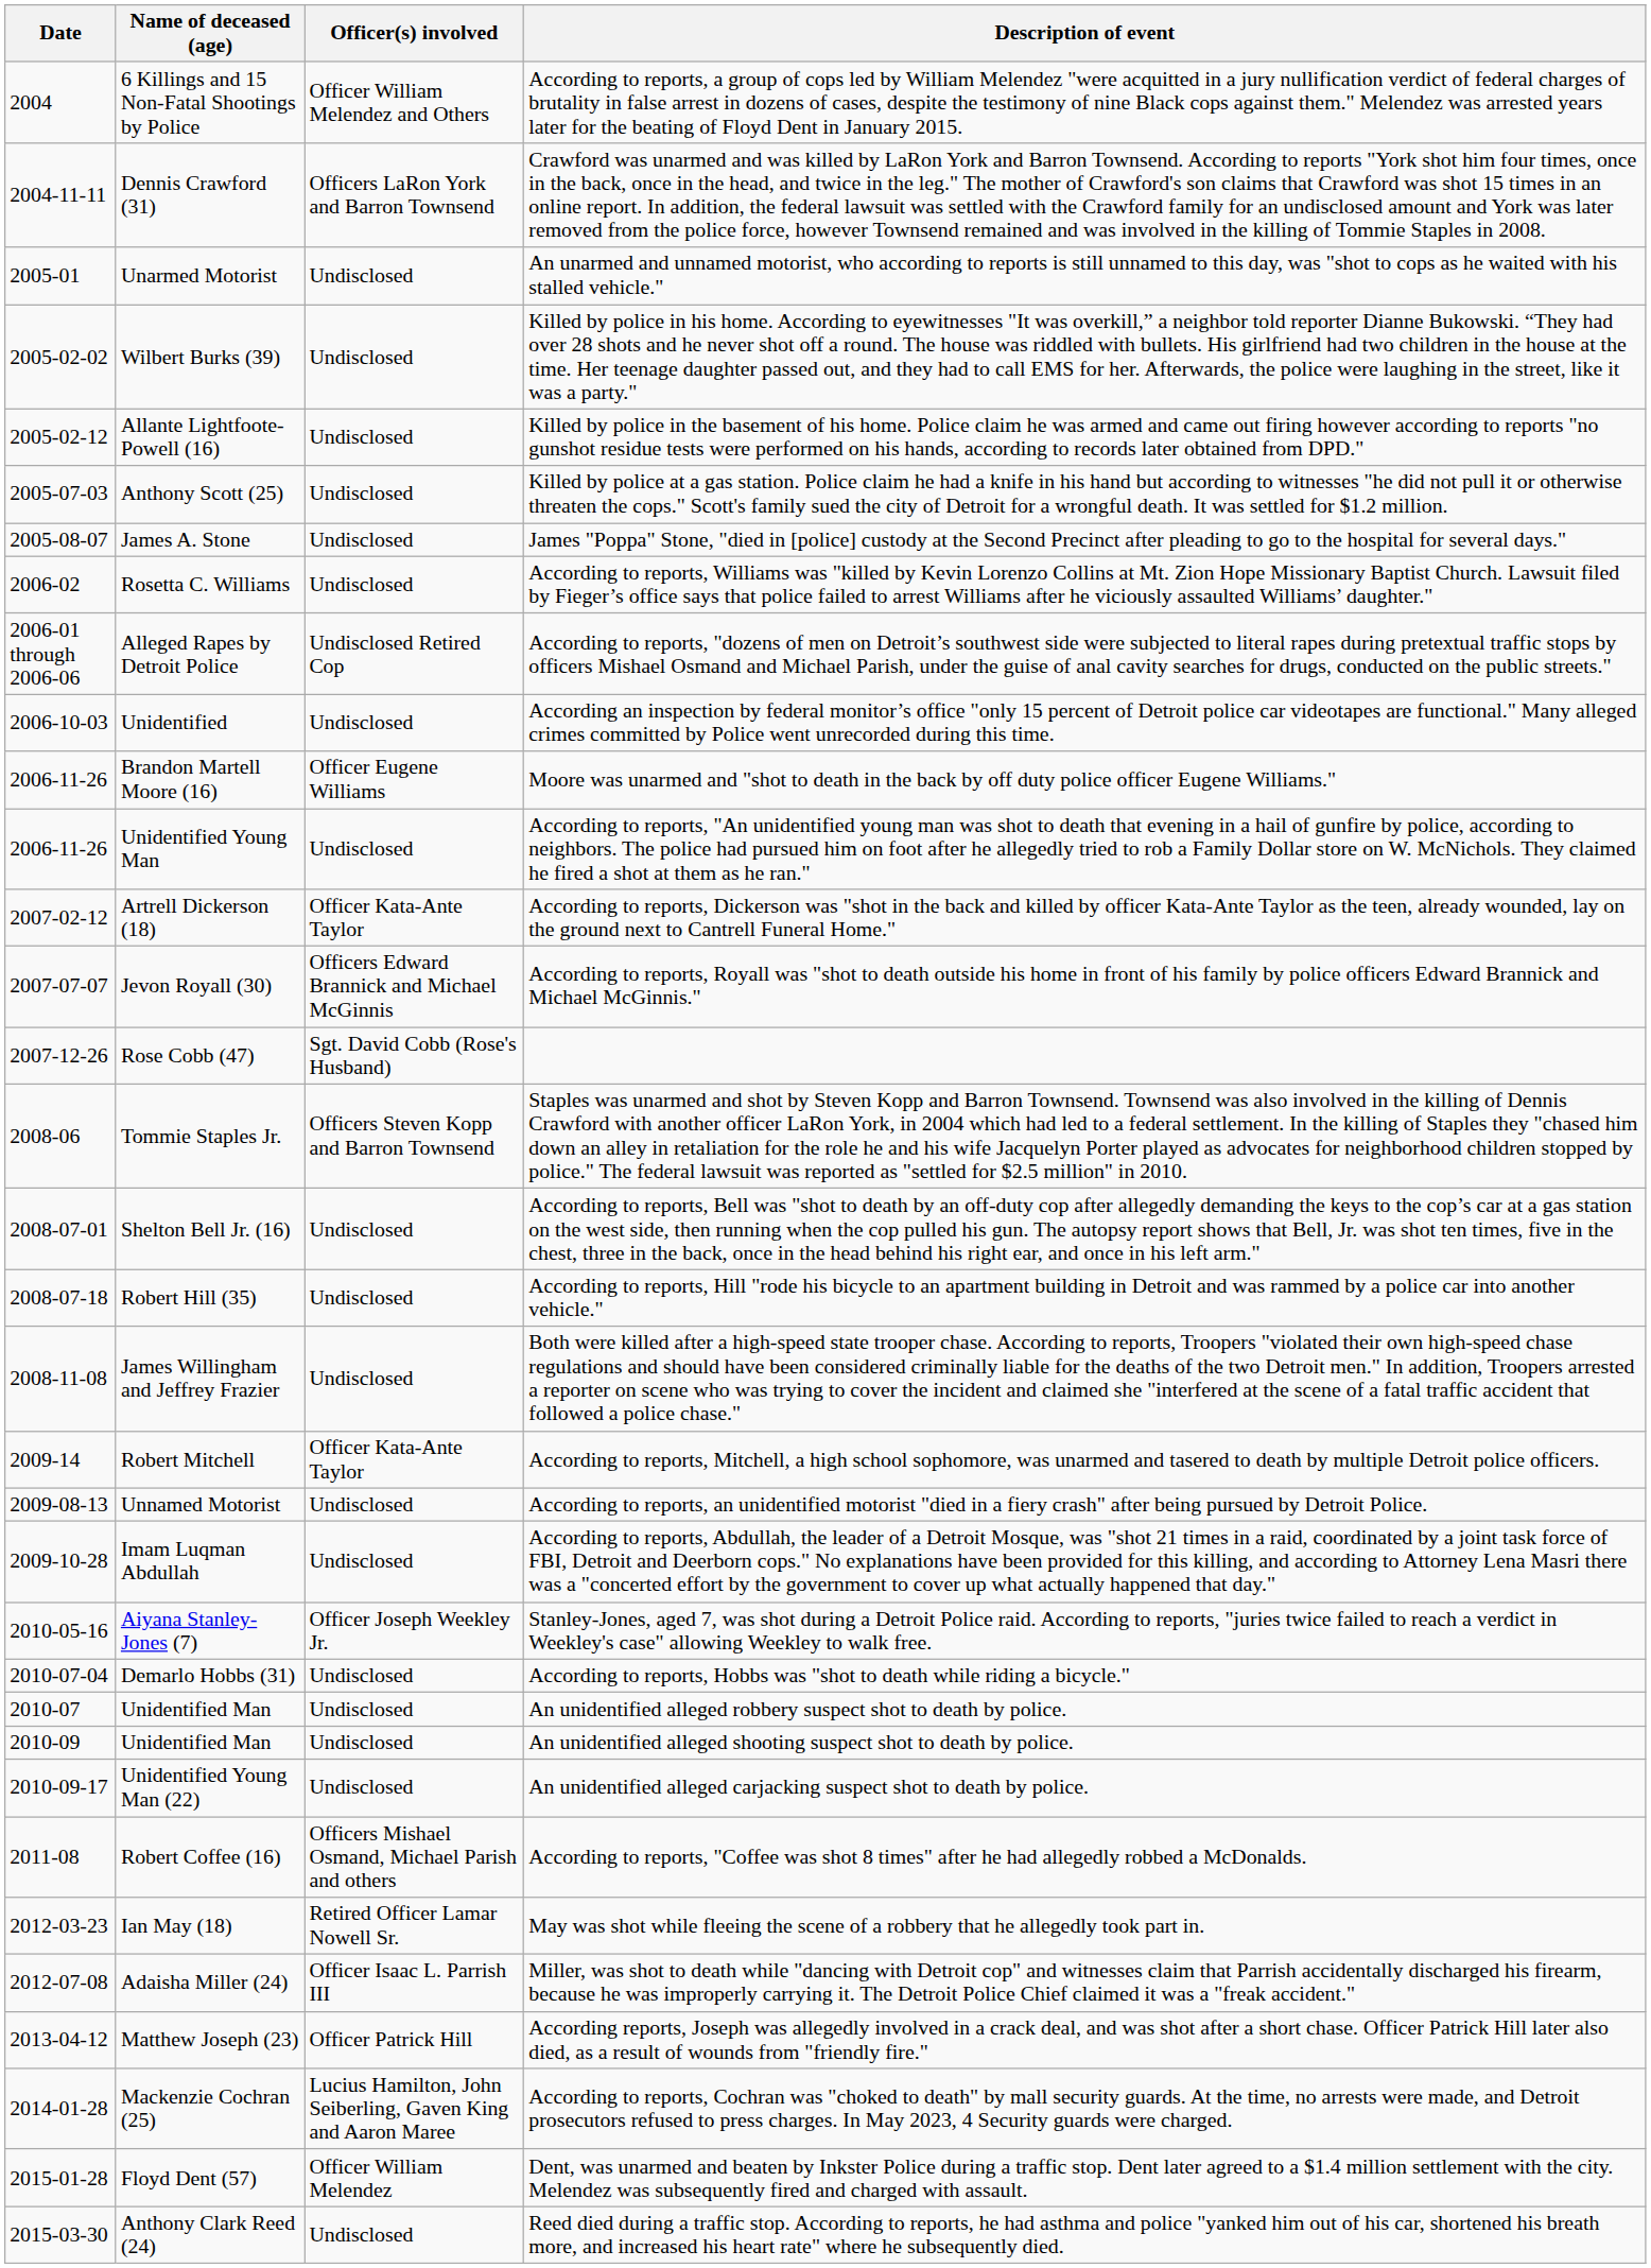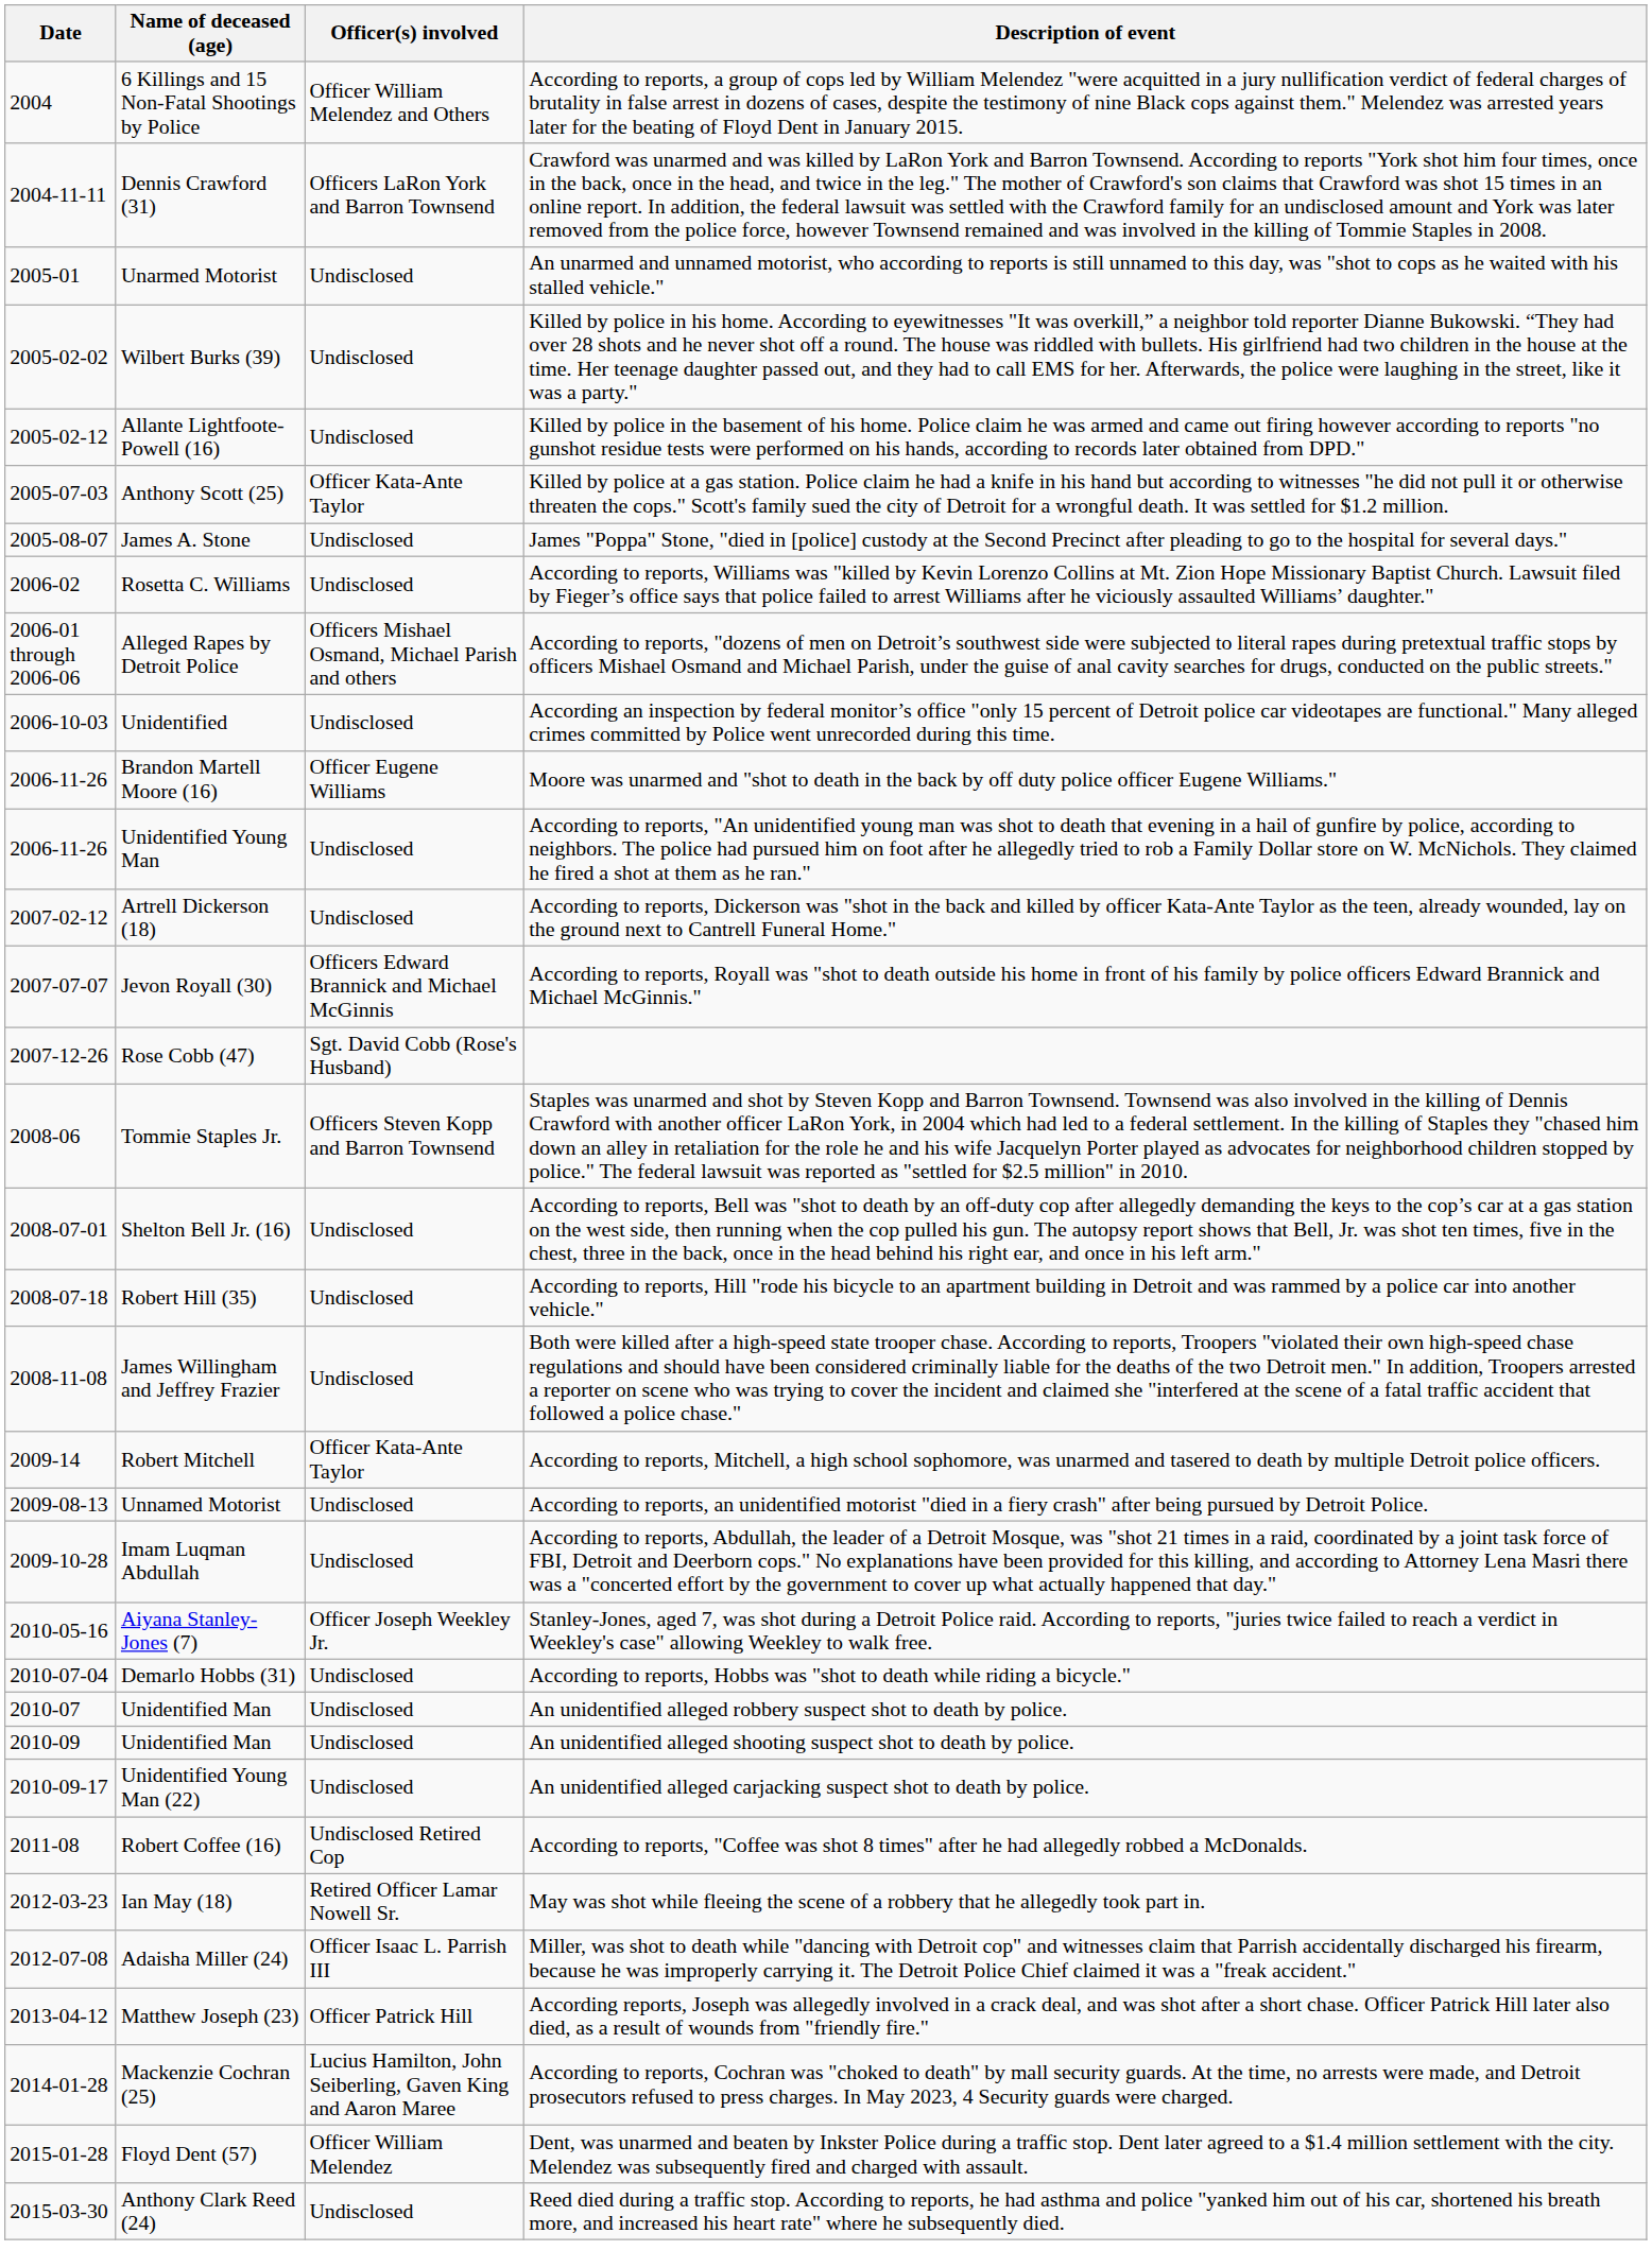 <table class="wikitable sortable" id="Killings by Law Enforcement Officers and Other Controversies">
 <tr>
 <th>Date</th>
 <th>Name of deceased (age)</th>
 <th>Officer(s) involved</th>
 <th>Description of event</th>
 </tr>
 <tr>
 <td>2004</td>
 <td>6 Killings and 15 Non-Fatal Shootings by Police</td>
 <td>Officer William Melendez and Others</td>
 <td>According to reports, a group of cops led by William Melendez "were acquitted in a jury nullification verdict of federal charges of brutality in false arrest in dozens of cases, despite the testimony of nine Black cops against them." Melendez was arrested years later for the beating of Floyd Dent in January 2015.</td>
 </tr>
 <tr>
 <td>2004-11-11</td>
 <td>Dennis Crawford (31)</td>
 <td>Officers LaRon York and Barron Townsend</td>
 <td>Crawford was unarmed and was killed by LaRon York and Barron Townsend. According to reports "York shot him four times, once in the back, once in the head, and twice in the leg." The mother of Crawford's son claims that Crawford was shot 15 times in an online report. In addition, the federal lawsuit was settled with the Crawford family for an undisclosed amount and York was later removed from the police force, however Townsend remained and was involved in the killing of Tommie Staples in 2008.</td>
 </tr>
 <tr>
 <td>2005-01</td>
 <td>Unarmed Motorist</td>
 <td>Undisclosed</td>
 <td>An unarmed and unnamed motorist, who according to reports is still unnamed to this day, was "shot to cops as he waited with his stalled vehicle."</td>
 </tr>
 <tr>
 <td>2005-02-02</td>
 <td>Wilbert Burks (39)</td>
 <td>Undisclosed</td>
 <td>Killed by police in his home. According to eyewitnesses "It was overkill,” a neighbor told reporter Dianne Bukowski. “They had over 28 shots and he never shot off a round. The house was riddled with bullets. His girlfriend had two children in the house at the time. Her teenage daughter passed out, and they had to call EMS for her. Afterwards, the police were laughing in the street, like it was a party."</td>
 </tr>
 <tr>
 <td>2005-02-12</td>
 <td>Allante Lightfoote-Powell (16)</td>
 <td>Undisclosed</td>
 <td>Killed by police in the basement of his home. Police claim he was armed and came out firing however according to reports "no gunshot residue tests were performed on his hands, according to records later obtained from DPD."</td>
 </tr>
 <tr>
 <td>2005-07-03</td>
 <td>Anthony Scott (25)</td>
-<td>Undisclosed</td>
+<td>Officer Kata-Ante Taylor</td>
 <td>Killed by police at a gas station. Police claim he had a knife in his hand but according to witnesses "he did not pull it or otherwise threaten the cops." Scott's family sued the city of Detroit for a wrongful death. It was settled for $1.2 million.</td>
 </tr>
 <tr>
 <td>2005-08-07</td>
 <td>James A. Stone</td>
 <td>Undisclosed</td>
 <td>James "Poppa" Stone, "died in [police] custody at the Second Precinct after pleading to go to the hospital for several days."</td>
 </tr>
 <tr>
 <td>2006-02</td>
 <td>Rosetta C. Williams</td>
 <td>Undisclosed</td>
 <td>According to reports, Williams was "killed by Kevin Lorenzo Collins at Mt. Zion Hope Missionary Baptist Church. Lawsuit filed by Fieger’s office says that police failed to arrest Williams after he viciously assaulted Williams’ daughter."</td>
 </tr>
 <tr>
 <td>2006-01 through 2006-06</td>
 <td>Alleged Rapes by Detroit Police</td>
-<td>Undisclosed Retired Cop</td>
+<td>Officers Mishael Osmand, Michael Parish and others</td>
 <td>According to reports, "dozens of men on Detroit’s southwest side  were subjected to literal rapes during pretextual traffic stops by officers Mishael Osmand and Michael Parish, under the guise of anal cavity searches for drugs, conducted on the public streets."</td>
 </tr>
 <tr>
 <td>2006-10-03</td>
 <td>Unidentified</td>
 <td>Undisclosed</td>
 <td>According an inspection by federal monitor’s office "only 15 percent of Detroit police car videotapes are functional." Many alleged crimes committed by Police went unrecorded during this time.</td>
 </tr>
 <tr>
 <td>2006-11-26</td>
 <td>Brandon Martell Moore (16)</td>
 <td>Officer Eugene Williams</td>
 <td>Moore was unarmed and "shot to death in the back by off duty police officer Eugene Williams."</td>
 </tr>
 <tr>
 <td>2006-11-26</td>
 <td>Unidentified Young Man</td>
 <td>Undisclosed</td>
 <td>According to reports, "An unidentified young man was shot to death that evening in a hail of gunfire by police, according to neighbors. The police had pursued him on foot after he allegedly tried to rob a Family Dollar store on W. McNichols. They claimed he fired a shot at them as he ran."</td>
 </tr>
 <tr>
 <td>2007-02-12</td>
 <td>Artrell Dickerson (18)</td>
-<td>Officer Kata-Ante Taylor</td>
+<td>Undisclosed</td>
 <td>According to reports, Dickerson was "shot in the back and killed by officer Kata-Ante Taylor as the teen, already wounded, lay on the ground next to Cantrell Funeral Home."</td>
 </tr>
 <tr>
 <td>2007-07-07</td>
 <td>Jevon Royall (30)</td>
 <td>Officers Edward Brannick and Michael McGinnis</td>
 <td>According to reports, Royall was "shot to death outside his home in front of his family by police officers Edward Brannick and Michael McGinnis."</td>
 </tr>
 <tr>
 <td>2007-12-26</td>
 <td>Rose Cobb (47)</td>
 <td>Sgt. David Cobb (Rose's Husband)</td>
 <td></td>
 </tr>
 <tr>
 <td>2008-06</td>
 <td>Tommie Staples Jr.</td>
 <td>Officers Steven Kopp and Barron Townsend</td>
 <td>Staples was unarmed and shot by Steven Kopp and Barron Townsend. Townsend was also involved in the killing of Dennis Crawford with another officer LaRon York, in 2004 which had led to a federal settlement. In the killing of Staples they "chased him down an alley in retaliation for the role he and his wife Jacquelyn Porter played as advocates for neighborhood children stopped by police." The federal lawsuit was reported as "settled for $2.5 million" in 2010.</td>
 </tr>
 <tr>
 <td>2008-07-01</td>
 <td>Shelton Bell Jr. (16)</td>
 <td>Undisclosed</td>
 <td>According to reports, Bell was "shot to death by an off-duty cop after allegedly demanding the keys to the cop’s car at a gas station on the west side, then running when the cop pulled his gun. The autopsy report shows that Bell, Jr. was shot ten times, five in the chest, three in the back, once in the head behind his right ear, and once in his left arm."</td>
 </tr>
 <tr>
 <td>2008-07-18</td>
 <td>Robert Hill (35)</td>
 <td>Undisclosed</td>
 <td>According to reports, Hill "rode his bicycle to an apartment building in Detroit and was rammed by a police car into another vehicle."</td>
 </tr>
 <tr>
 <td>2008-11-08</td>
 <td>James Willingham and Jeffrey Frazier</td>
 <td>Undisclosed</td>
 <td>Both were killed after a high-speed state trooper chase. According to reports, Troopers "violated their own high-speed chase regulations and should have been considered criminally liable for the deaths of the two Detroit men." In addition, Troopers arrested a reporter on scene who was trying to cover the incident and claimed she "interfered at the scene of a fatal traffic accident that followed a police chase."</td>
 </tr>
 <tr>
 <td>2009-14</td>
 <td>Robert Mitchell</td>
 <td>Officer Kata-Ante Taylor</td>
 <td>According to reports, Mitchell, a high school sophomore, was unarmed and tasered to death by multiple Detroit police officers.</td>
 </tr>
 <tr>
 <td>2009-08-13</td>
 <td>Unnamed Motorist</td>
 <td>Undisclosed</td>
 <td>According to reports, an unidentified motorist "died in a fiery crash" after being pursued by Detroit Police.</td>
 </tr>
 <tr>
 <td>2009-10-28</td>
 <td>Imam Luqman Abdullah</td>
 <td>Undisclosed</td>
 <td>According to reports, Abdullah, the leader of a Detroit Mosque, was "shot 21 times in a raid, coordinated by a joint task force of FBI, Detroit and Deerborn cops." No explanations have been provided for this killing, and according to Attorney Lena Masri there was a "concerted effort by the government to cover up what actually happened that day."</td>
 </tr>
 <tr>
 <td>2010-05-16</td>
 <td><a href='#'>Aiyana Stanley-Jones</a> (7)</td>
 <td>Officer Joseph Weekley Jr.</td>
 <td>Stanley-Jones, aged 7, was shot during a Detroit Police raid. According to reports, "juries twice failed to reach a verdict in Weekley's case" allowing Weekley to walk free.</td>
 </tr>
 <tr>
 <td>2010-07-04</td>
 <td>Demarlo Hobbs (31)</td>
 <td>Undisclosed</td>
 <td>According to reports, Hobbs was "shot to death while riding a bicycle."</td>
 </tr>
 <tr>
 <td>2010-07</td>
 <td>Unidentified Man</td>
 <td>Undisclosed</td>
 <td>An unidentified alleged robbery suspect shot to death by police.</td>
 </tr>
 <tr>
 <td>2010-09</td>
 <td>Unidentified Man</td>
 <td>Undisclosed</td>
 <td>An unidentified alleged shooting suspect shot to death by police.</td>
 </tr>
 <tr>
 <td>2010-09-17</td>
 <td>Unidentified Young Man (22)</td>
 <td>Undisclosed</td>
 <td>An unidentified alleged carjacking suspect shot to death by police.</td>
 </tr>
 <tr>
 <td>2011-08</td>
 <td>Robert Coffee (16)</td>
-<td>Officers Mishael Osmand, Michael Parish and others</td>
+<td>Undisclosed Retired Cop</td>
 <td>According to reports, "Coffee was shot 8 times" after he had allegedly robbed a McDonalds.</td>
 </tr>
 <tr>
 <td>2012-03-23</td>
 <td>Ian May (18)</td>
 <td>Retired Officer Lamar Nowell Sr.</td>
 <td>May was shot while fleeing the scene of a robbery that he allegedly took part in.</td>
 </tr>
 <tr>
 <td>2012-07-08</td>
 <td>Adaisha Miller (24)</td>
 <td>Officer Isaac L. Parrish III</td>
 <td>Miller, was shot to death while "dancing with Detroit cop" and witnesses claim that Parrish accidentally discharged his firearm, because he was improperly carrying it. The Detroit Police Chief claimed it was a "freak accident."</td>
 </tr>
 <tr>
 <td>2013-04-12</td>
 <td>Matthew Joseph (23)</td>
 <td>Officer Patrick Hill</td>
 <td>According reports, Joseph was allegedly involved in a crack deal, and was shot after a short chase. Officer Patrick Hill later also died, as a result of wounds from "friendly fire."</td>
 </tr>
 <tr>
 <td>2014-01-28</td>
 <td>Mackenzie Cochran (25)</td>
 <td>Lucius Hamilton, John Seiberling, Gaven King and Aaron Maree</td>
 <td>According to reports, Cochran was "choked to death" by mall security guards. At the time, no arrests were made, and Detroit prosecutors refused to press charges. In May 2023, 4 Security guards were charged.</td>
 </tr>
 <tr>
 <td>2015-01-28</td>
 <td>Floyd Dent (57)</td>
 <td>Officer William Melendez</td>
 <td>Dent, was unarmed and beaten by Inkster Police during a traffic stop. Dent later agreed to a $1.4 million settlement with the city. Melendez was subsequently fired and charged with assault.</td>
 </tr>
 <tr>
 <td>2015-03-30</td>
 <td>Anthony Clark Reed (24)</td>
 <td>Undisclosed</td>
 <td>Reed died during a traffic stop. According to reports, he had asthma and police "yanked him out of his car, shortened his breath more, and increased his heart rate" where he subsequently died.</td>
 </tr>
 </table>
